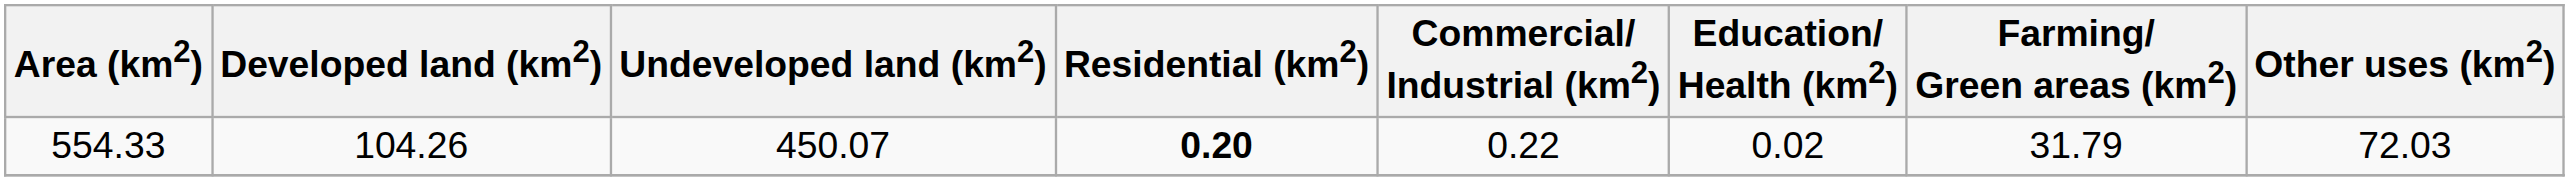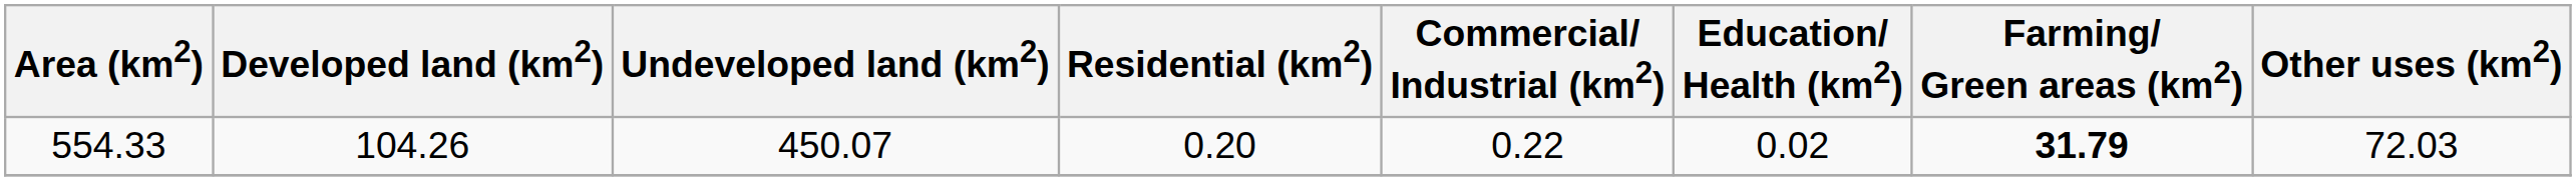 <table class="wikitable" style="text-align: center;">
 <tr>
 <th>Area (km<sup>2</sup>)</th>
 <th>Developed land (km<sup>2</sup>)</th>
 <th>Undeveloped land (km<sup>2</sup>)</th>
 <th>Residential (km<sup>2</sup>)</th>
 <th>Commercial/<br> Industrial (km<sup>2</sup>)</th>
 <th>Education/<br> Health (km<sup>2</sup>)</th>
 <th>Farming/<br> Green areas (km<sup>2</sup>)</th>
 <th>Other uses (km<sup>2</sup>)</th>
 </tr>
 <tr>
 <td>554.33</td>
 <td>104.26</td>
 <td>450.07</td>
-<td><strong>0.20</strong></td>
+<td>0.20</td>
 <td>0.22</td>
 <td>0.02</td>
-<td>31.79</td>
+<td><strong>31.79</strong></td>
 <td>72.03</td>
 </tr>
 <tr>
 </tr>
 </table>
